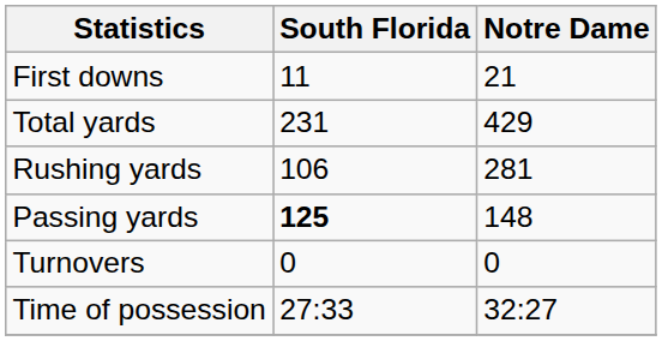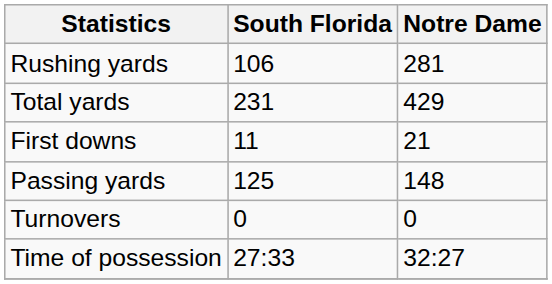 <table class="wikitable">
 <tr>
 <th>Statistics</th>
 <th>South Florida</th>
 <th>Notre Dame</th>
 </tr>
 <tr>
-<td>First downs</td>
-<td>11</td>
-<td>21</td>
+<td>Rushing yards</td>
+<td>106</td>
+<td>281</td>
 </tr>
 <tr>
 <td>Total yards</td>
 <td>231</td>
 <td>429</td>
 </tr>
 <tr>
-<td>Rushing yards</td>
-<td>106</td>
-<td>281</td>
+<td>First downs</td>
+<td>11</td>
+<td>21</td>
 </tr>
 <tr>
 <td>Passing yards</td>
-<td><strong>125</strong></td>
+<td>125</td>
 <td>148</td>
 </tr>
 <tr>
 <td>Turnovers</td>
 <td>0</td>
 <td>0</td>
 </tr>
 <tr>
 <td>Time of possession</td>
 <td>27:33</td>
 <td>32:27</td>
 </tr>
 <tr>
 </tr>
 </table>
